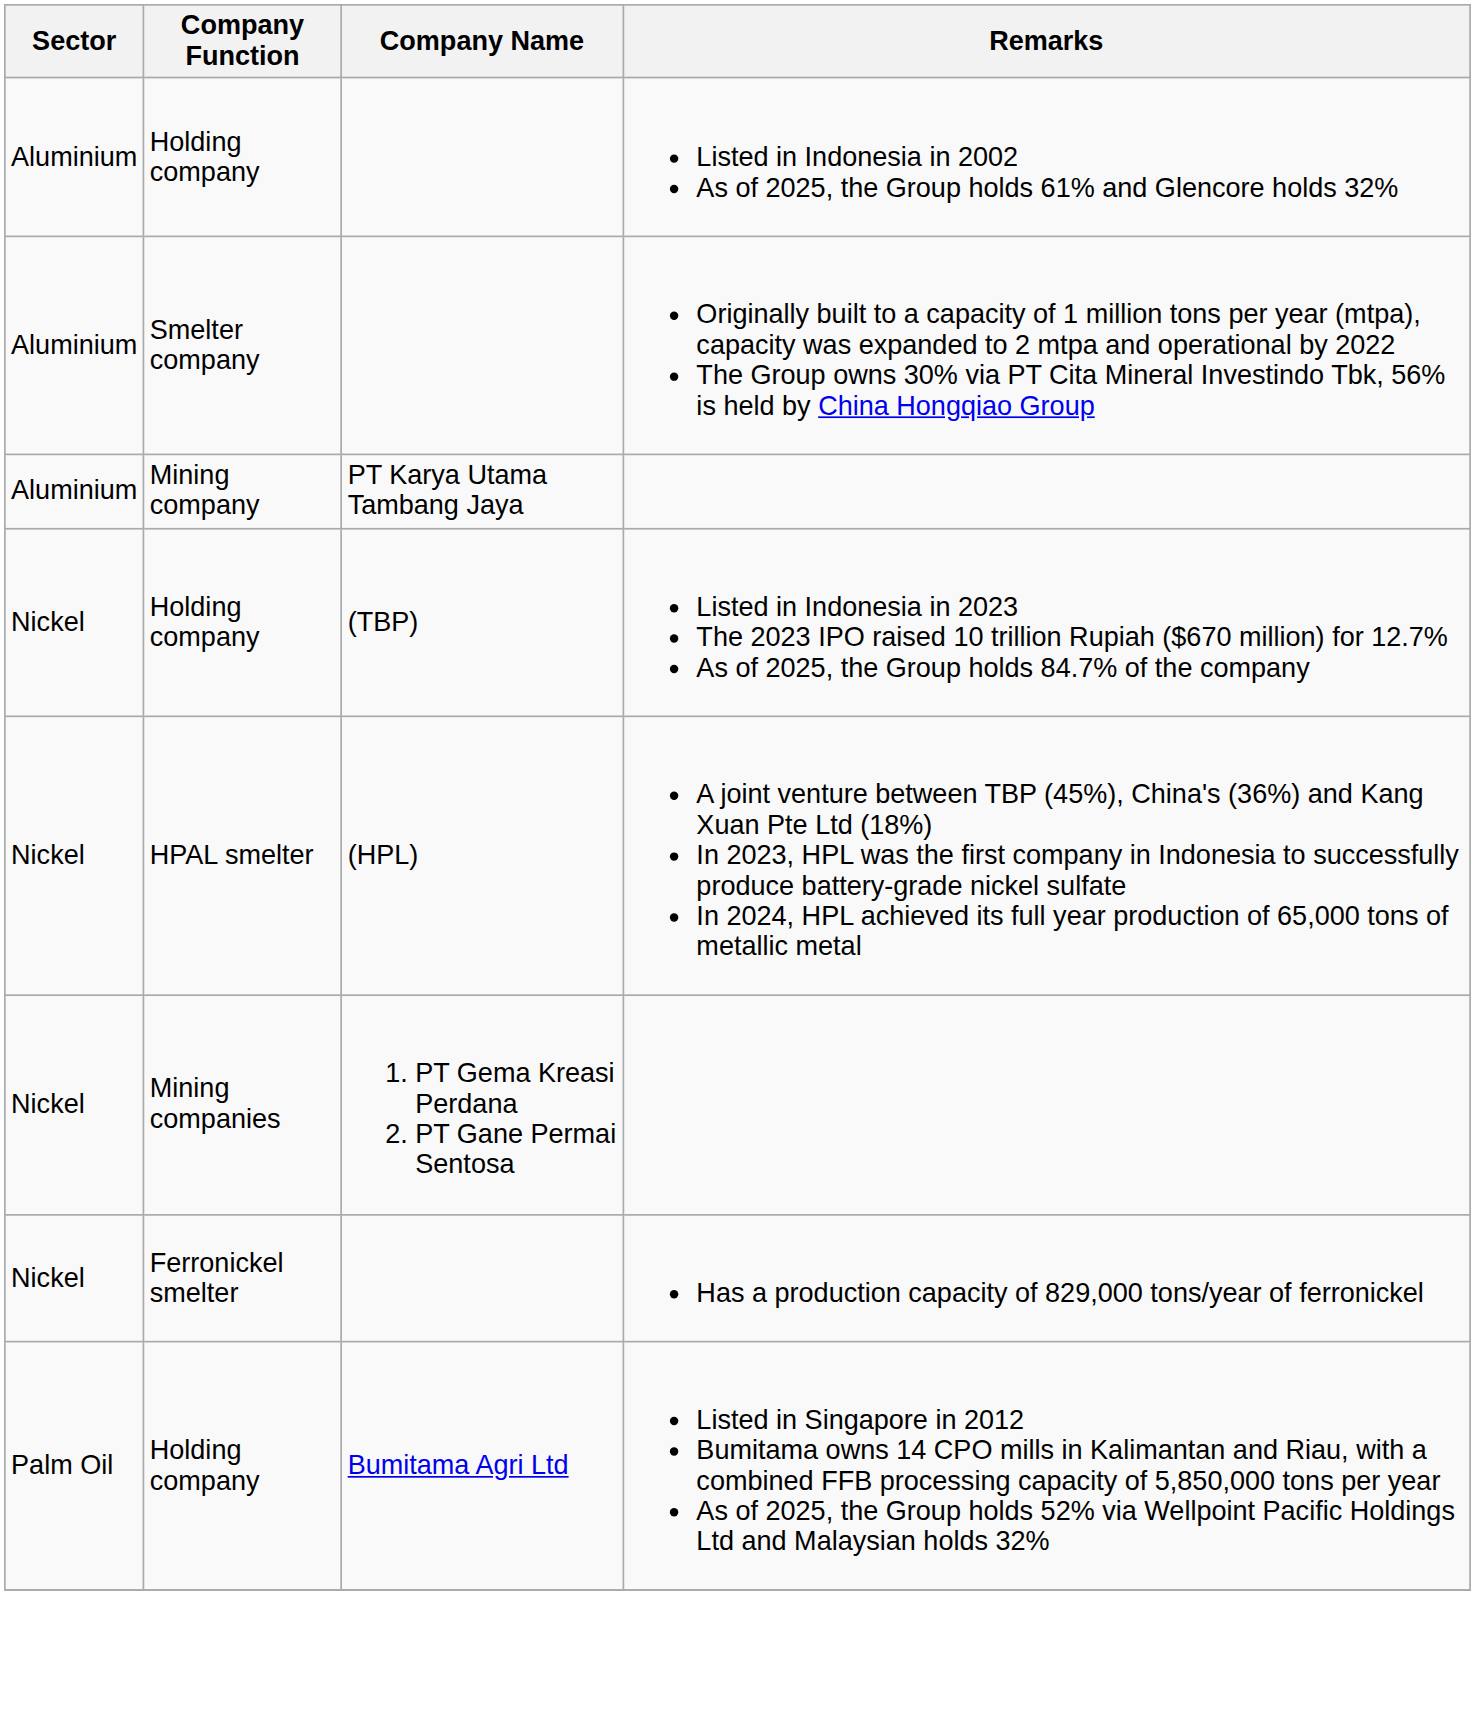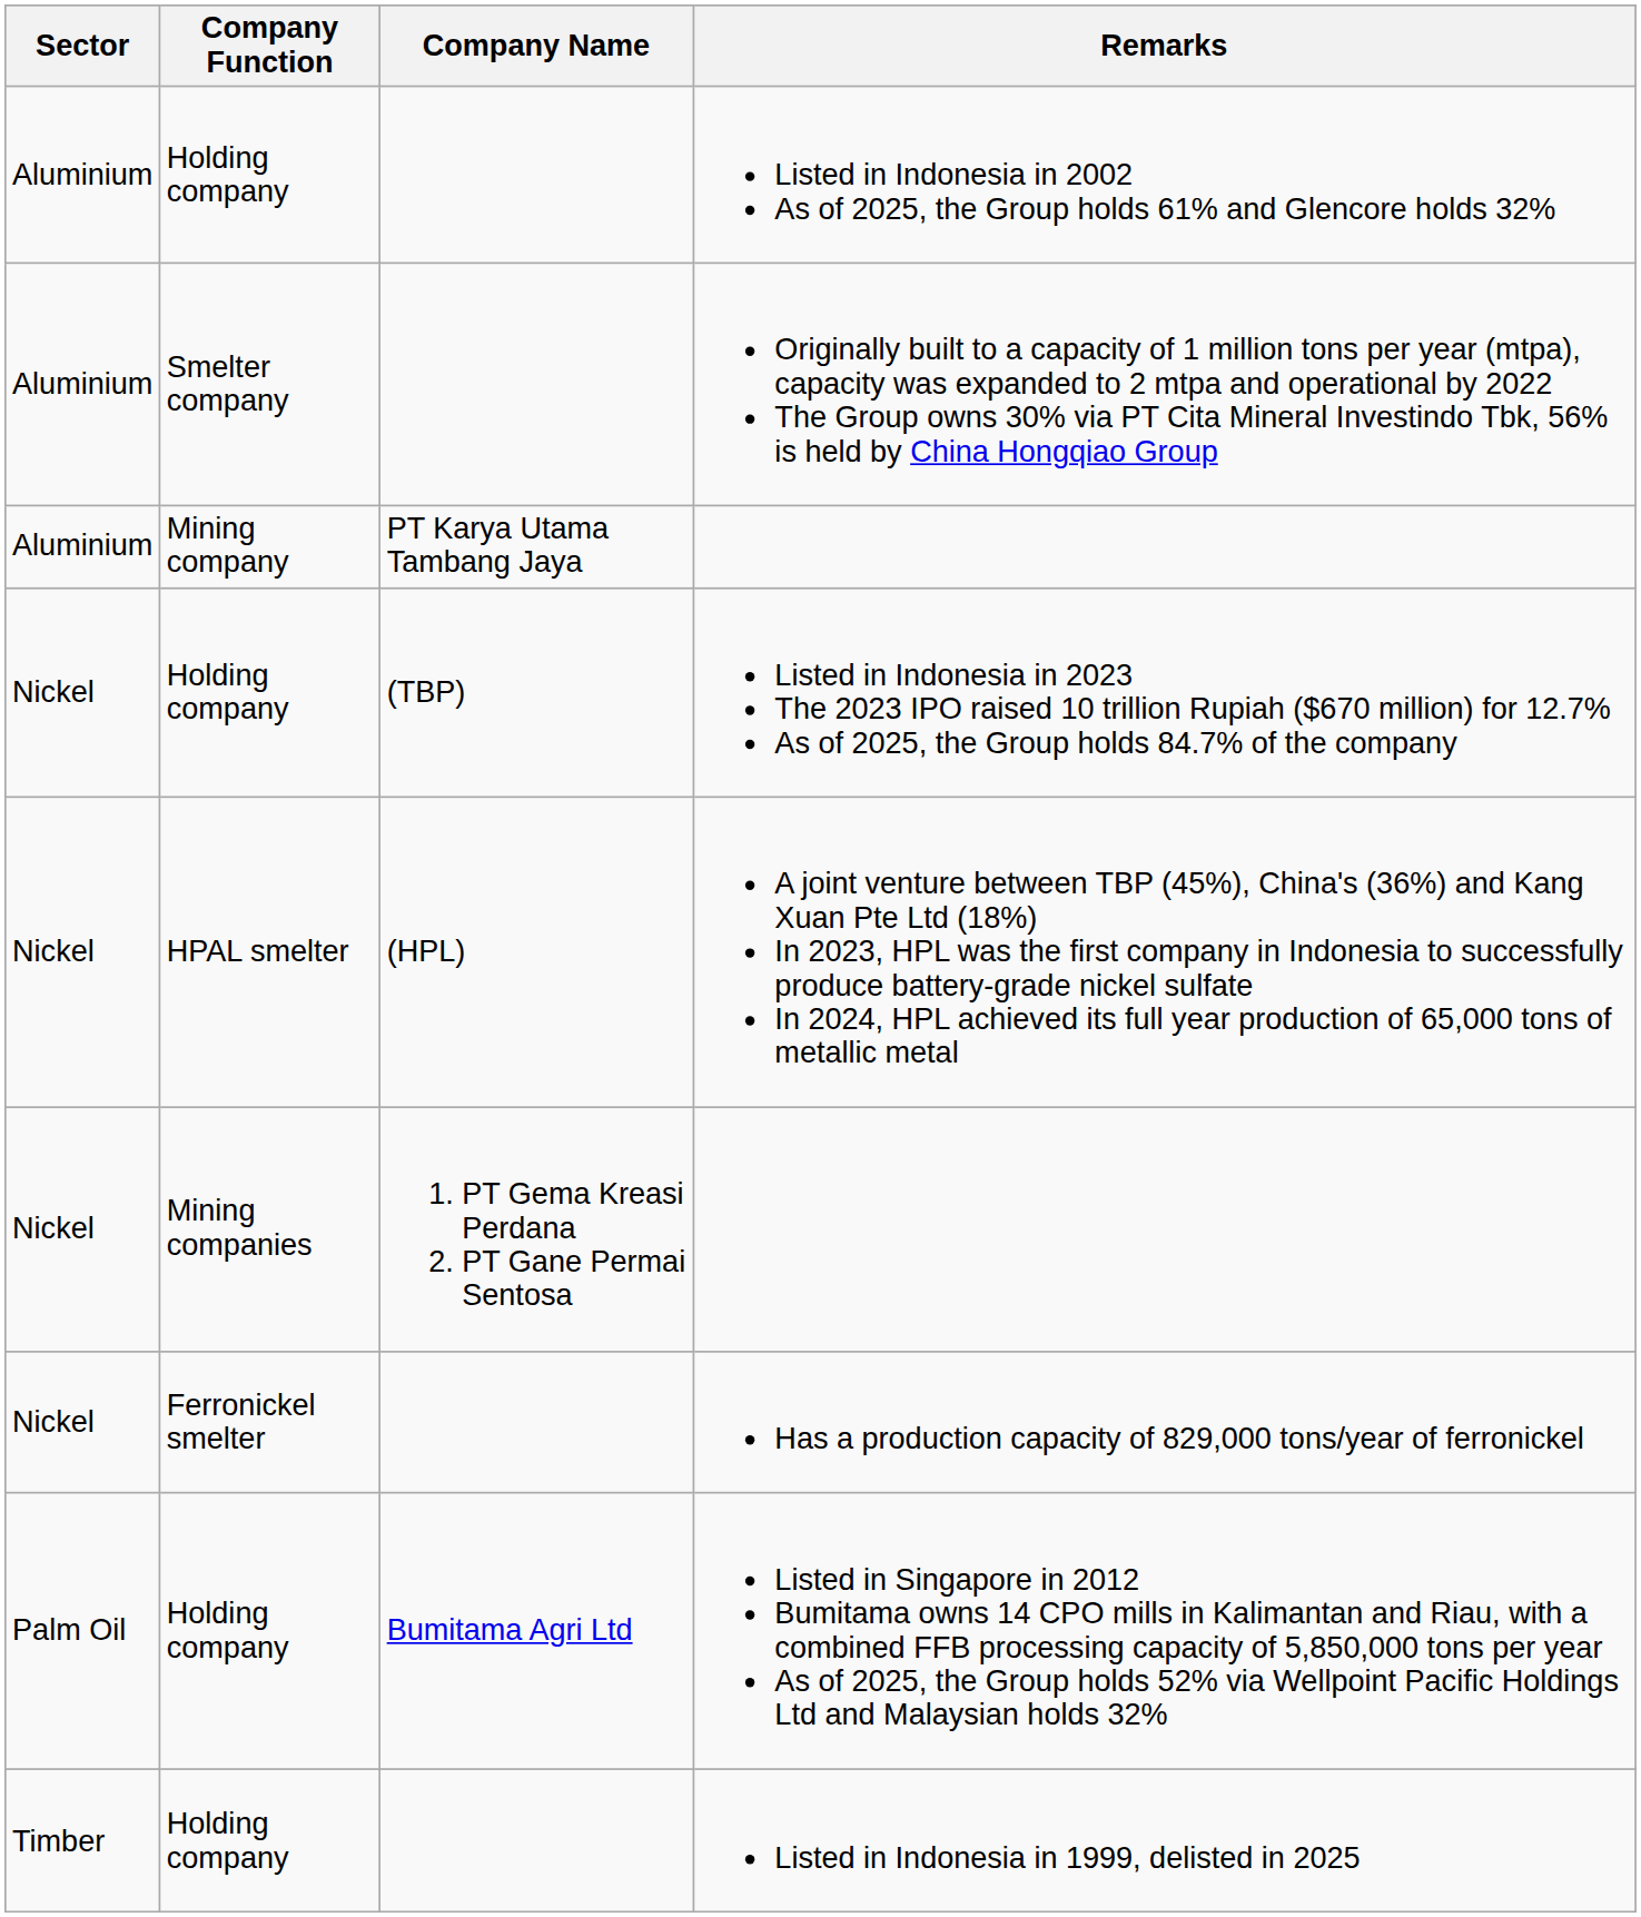 <table class="wikitable sortable">
 <tr>
 <th>Sector</th>
 <th>Company Function</th>
 <th>Company Name</th>
 <th>Remarks</th>
 </tr>
 <tr>
 <td>Aluminium</td>
 <td>Holding company</td>
 <td></td>
 <td><br><ul><li>Listed in Indonesia in 2002</li><li>As of 2025, the Group holds 61% and Glencore holds 32%</li></ul></td>
 </tr>
 <tr>
 <td>Aluminium</td>
 <td>Smelter company</td>
 <td></td>
 <td><br><ul><li>Originally built to a capacity of 1 million tons per year (mtpa), capacity was expanded to 2 mtpa and operational by 2022</li><li>The Group owns 30% via PT Cita Mineral Investindo Tbk, 56% is held by <a href='#'>China Hongqiao Group</a></li></ul></td>
 </tr>
 <tr>
 <td>Aluminium</td>
 <td>Mining company</td>
 <td>PT Karya Utama Tambang Jaya</td>
 <td></td>
 </tr>
 <tr>
 <td>Nickel</td>
 <td>Holding company</td>
 <td> (TBP)</td>
 <td><br><ul><li>Listed in Indonesia in 2023</li><li>The 2023 IPO raised 10 trillion Rupiah ($670 million) for 12.7%</li><li>As of 2025, the Group holds 84.7% of the company</li></ul></td>
 </tr>
 <tr>
 <td>Nickel</td>
 <td>HPAL smelter</td>
 <td> (HPL)</td>
 <td><br><ul><li>A joint venture between TBP (45%), China's  (36%) and Kang Xuan Pte Ltd (18%)</li><li>In 2023, HPL was the first company in Indonesia to successfully produce battery-grade nickel sulfate</li><li>In 2024, HPL achieved its full year production of 65,000 tons of metallic metal</li></ul></td>
 </tr>
 <tr>
 <td>Nickel</td>
 <td>Mining companies</td>
 <td><br><ol><li>PT Gema Kreasi Perdana</li><li>PT Gane Permai Sentosa</li></ol></td>
 <td></td>
 </tr>
 <tr>
 <td>Nickel</td>
 <td>Ferronickel smelter</td>
 <td></td>
 <td><br><ul><li>Has a production capacity of 829,000 tons/year of ferronickel</li></ul></td>
 </tr>
 <tr>
 <td>Palm Oil</td>
 <td>Holding company</td>
 <td><a href='#'>Bumitama Agri Ltd</a></td>
 <td><br><ul><li>Listed in Singapore in 2012</li><li>Bumitama owns 14 CPO mills in Kalimantan and Riau, with a combined FFB processing capacity of 5,850,000 tons per year</li><li>As of 2025, the Group holds 52% via Wellpoint Pacific Holdings Ltd and Malaysian  holds 32%</li></ul></td>
 </tr>
 <tr>
+<td>Timber</td>
+<td>Holding company</td>
+<td></td>
+<td><br><ul><li>Listed in Indonesia in 1999, delisted in 2025</li></ul></td>
+</tr>
+<tr>
 </tr>
 </table>
